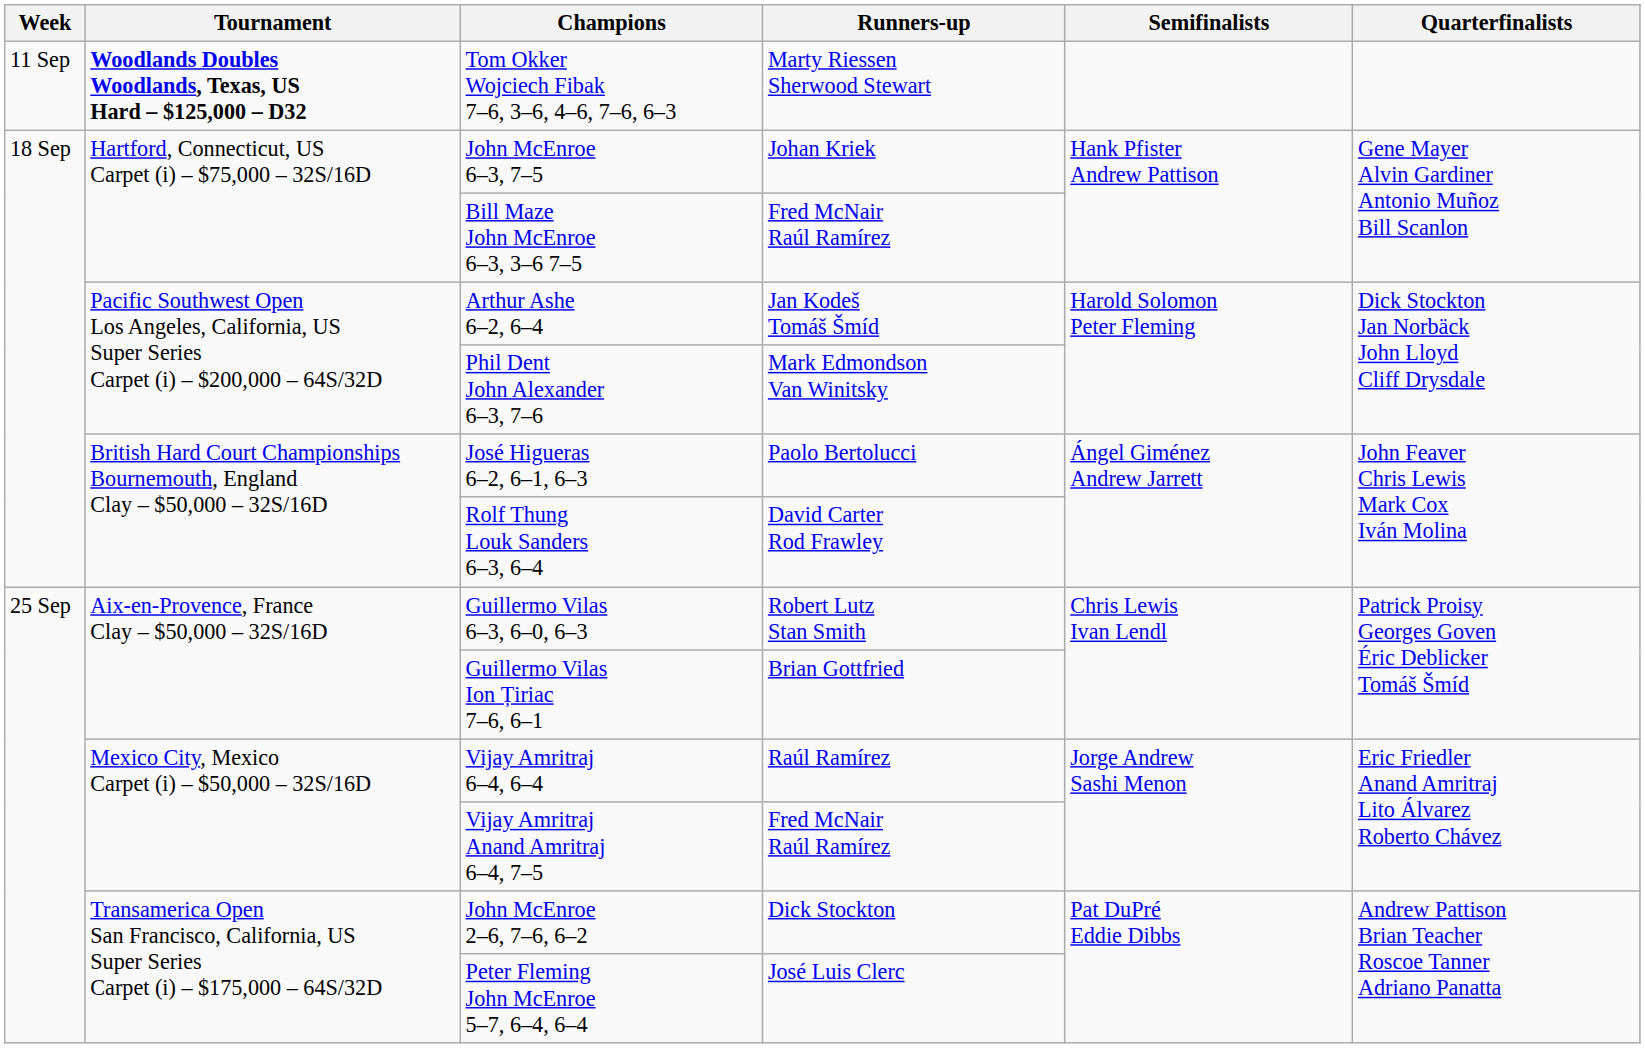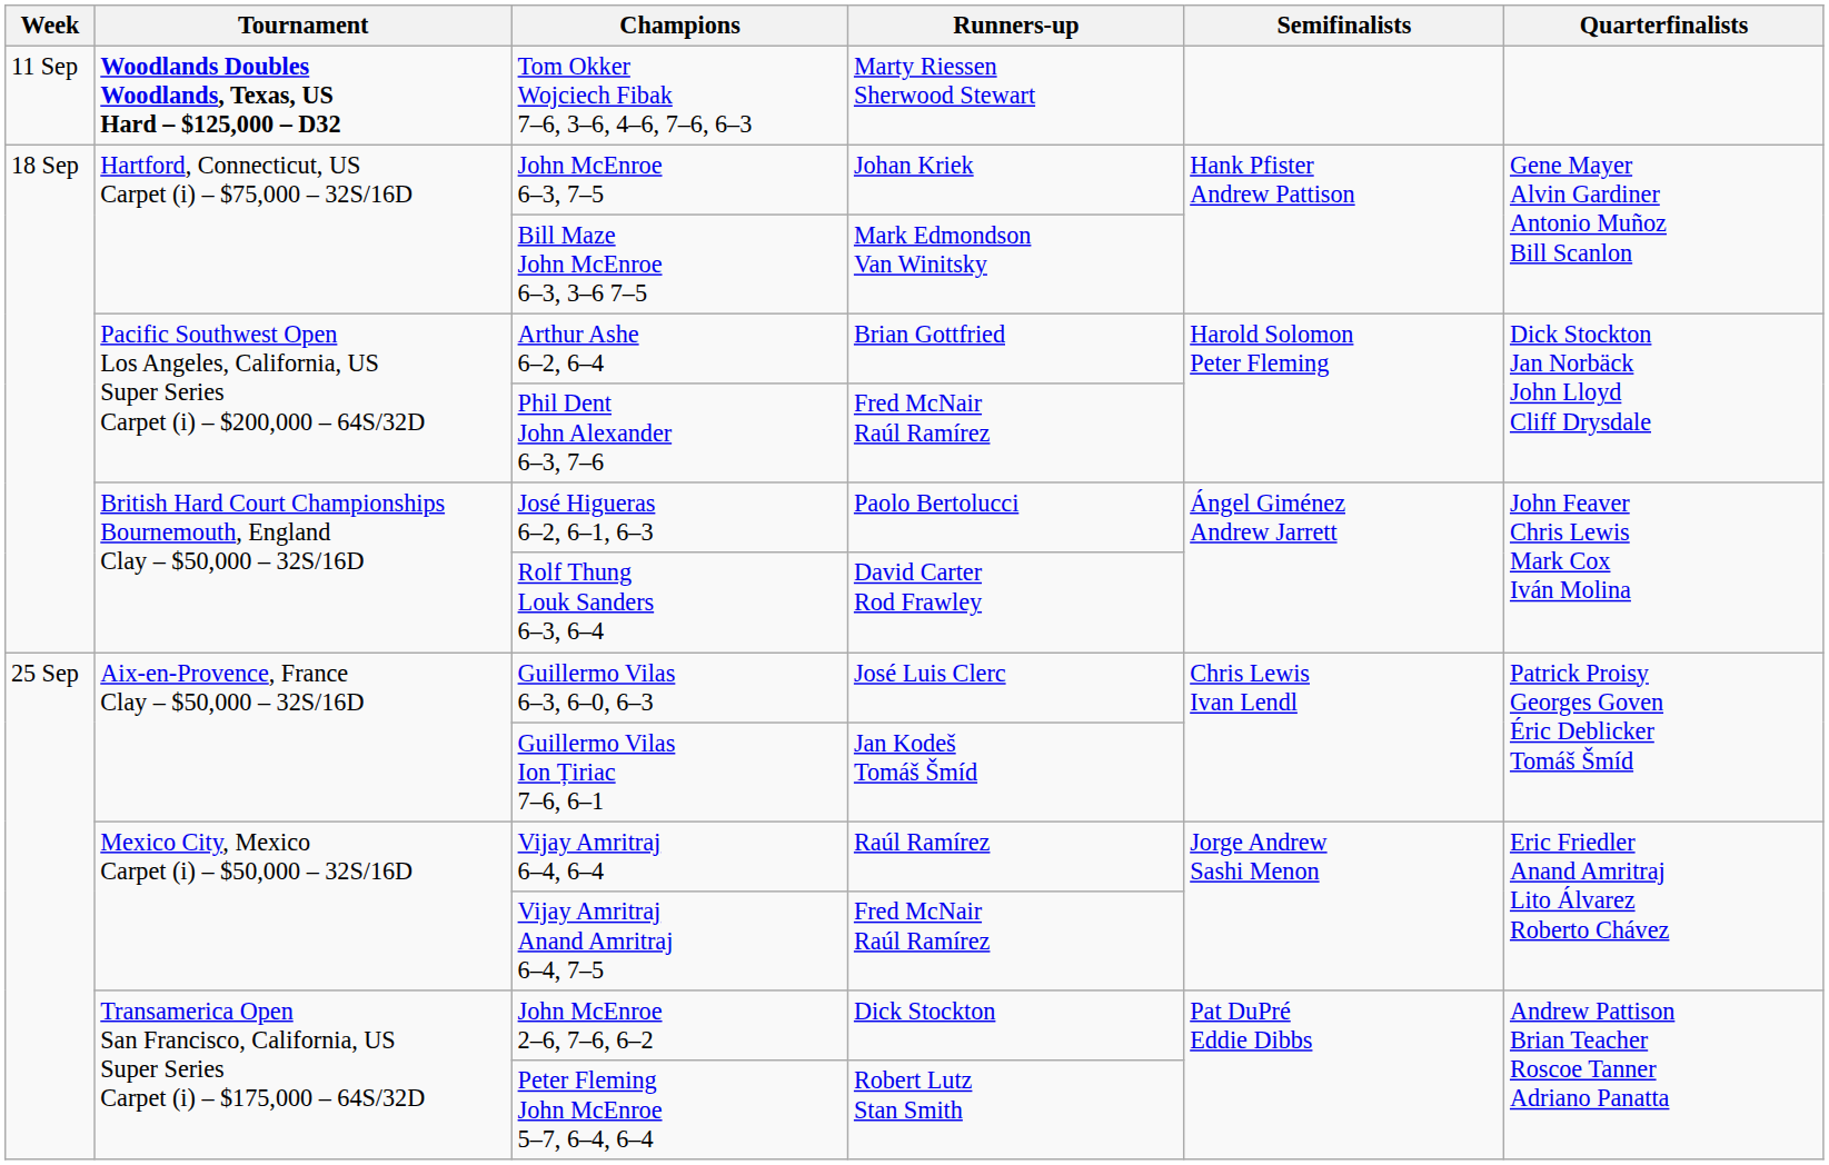 <table class=wikitable style=font-size:95%>
 <tr>
 <th style="width:48px;">Week</th>
 <th style="width:250px;">Tournament</th>
 <th style="width:200px;">Champions</th>
 <th style="width:200px;">Runners-up</th>
 <th style="width:190px;">Semifinalists</th>
 <th style="width:190px;">Quarterfinalists</th>
 </tr>
 <tr valign=top>
 <td>11 Sep</td>
 <td><strong><a href='#'>Woodlands Doubles</a> <br> <a href='#'>Woodlands</a>, Texas, US <br> Hard – $125,000 – D32</strong></td>
 <td> <a href='#'>Tom Okker</a> <br>  <a href='#'>Wojciech Fibak</a> <br> 7–6, 3–6, 4–6, 7–6, 6–3</td>
 <td> <a href='#'>Marty Riessen</a> <br>  <a href='#'>Sherwood Stewart</a></td>
 <td></td>
 <td></td>
 </tr>
 <tr valign=top>
 <td rowspan=6>18 Sep</td>
 <td rowspan=2><a href='#'>Hartford</a>, Connecticut, US <br> Carpet (i) – $75,000 – 32S/16D</td>
 <td> <a href='#'>John McEnroe</a> <br> 6–3, 7–5</td>
 <td> <a href='#'>Johan Kriek</a></td>
 <td rowspan=2> <a href='#'>Hank Pfister</a> <br>  <a href='#'>Andrew Pattison</a></td>
 <td rowspan=2> <a href='#'>Gene Mayer</a> <br>  <a href='#'>Alvin Gardiner</a> <br>  <a href='#'>Antonio Muñoz</a> <br>  <a href='#'>Bill Scanlon</a></td>
 </tr>
 <tr valign=top>
 <td> <a href='#'>Bill Maze</a> <br>  <a href='#'>John McEnroe</a> <br> 6–3, 3–6 7–5</td>
-<td> <a href='#'>Fred McNair</a> <br>  <a href='#'>Raúl Ramírez</a></td>
+<td> <a href='#'>Mark Edmondson</a> <br>  <a href='#'>Van Winitsky</a></td>
 </tr>
 <tr valign=top>
 <td rowspan=2><a href='#'>Pacific Southwest Open</a> <br> Los Angeles, California, US <br>Super Series <br> Carpet (i) – $200,000 – 64S/32D</td>
 <td> <a href='#'>Arthur Ashe</a> <br> 6–2, 6–4</td>
-<td> <a href='#'>Jan Kodeš</a> <br>  <a href='#'>Tomáš Šmíd</a></td>
+<td> <a href='#'>Brian Gottfried</a></td>
 <td rowspan=2> <a href='#'>Harold Solomon</a> <br>  <a href='#'>Peter Fleming</a></td>
 <td rowspan=2> <a href='#'>Dick Stockton</a> <br>  <a href='#'>Jan Norbäck</a> <br>  <a href='#'>John Lloyd</a> <br>  <a href='#'>Cliff Drysdale</a></td>
 </tr>
 <tr valign=top>
 <td> <a href='#'>Phil Dent</a> <br>  <a href='#'>John Alexander</a> <br> 6–3, 7–6</td>
-<td> <a href='#'>Mark Edmondson</a> <br>  <a href='#'>Van Winitsky</a></td>
+<td> <a href='#'>Fred McNair</a> <br>  <a href='#'>Raúl Ramírez</a></td>
 </tr>
 <tr valign=top>
 <td rowspan=2><a href='#'>British Hard Court Championships</a><br> <a href='#'>Bournemouth</a>, England <br> Clay – $50,000 – 32S/16D</td>
 <td> <a href='#'>José Higueras</a> <br> 6–2, 6–1, 6–3</td>
 <td> <a href='#'>Paolo Bertolucci</a></td>
 <td rowspan=2> <a href='#'>Ángel Giménez</a> <br>  <a href='#'>Andrew Jarrett</a></td>
 <td rowspan=2> <a href='#'>John Feaver</a> <br>  <a href='#'>Chris Lewis</a> <br>  <a href='#'>Mark Cox</a> <br>  <a href='#'>Iván Molina</a></td>
 </tr>
 <tr valign=top>
 <td> <a href='#'>Rolf Thung</a> <br>  <a href='#'>Louk Sanders</a> <br> 6–3, 6–4</td>
 <td> <a href='#'>David Carter</a> <br>  <a href='#'>Rod Frawley</a></td>
 </tr>
 <tr valign=top>
 <td rowspan=6>25 Sep</td>
 <td rowspan=2><a href='#'>Aix-en-Provence</a>, France <br> Clay – $50,000 – 32S/16D</td>
 <td> <a href='#'>Guillermo Vilas</a> <br> 6–3, 6–0, 6–3</td>
-<td> <a href='#'>Robert Lutz</a> <br>  <a href='#'>Stan Smith</a></td>
+<td> <a href='#'>José Luis Clerc</a></td>
 <td rowspan=2> <a href='#'>Chris Lewis</a> <br>  <a href='#'>Ivan Lendl</a></td>
 <td rowspan=2> <a href='#'>Patrick Proisy</a> <br>  <a href='#'>Georges Goven</a> <br>  <a href='#'>Éric Deblicker</a> <br>  <a href='#'>Tomáš Šmíd</a></td>
 </tr>
 <tr valign=top>
 <td> <a href='#'>Guillermo Vilas</a> <br>  <a href='#'>Ion Țiriac</a> <br> 7–6, 6–1</td>
-<td> <a href='#'>Brian Gottfried</a></td>
+<td> <a href='#'>Jan Kodeš</a> <br>  <a href='#'>Tomáš Šmíd</a></td>
 </tr>
 <tr valign=top>
 <td rowspan=2><a href='#'>Mexico City</a>, Mexico <br> Carpet (i) – $50,000 – 32S/16D</td>
 <td> <a href='#'>Vijay Amritraj</a> <br> 6–4, 6–4</td>
 <td> <a href='#'>Raúl Ramírez</a></td>
 <td rowspan=2> <a href='#'>Jorge Andrew</a> <br>  <a href='#'>Sashi Menon</a></td>
 <td rowspan=2> <a href='#'>Eric Friedler</a> <br>  <a href='#'>Anand Amritraj</a> <br>  <a href='#'>Lito Álvarez</a> <br>  <a href='#'>Roberto Chávez</a></td>
 </tr>
 <tr valign=top>
 <td> <a href='#'>Vijay Amritraj</a> <br>  <a href='#'>Anand Amritraj</a> <br> 6–4, 7–5</td>
 <td> <a href='#'>Fred McNair</a> <br>  <a href='#'>Raúl Ramírez</a></td>
 </tr>
 <tr valign=top>
 <td rowspan=2><a href='#'>Transamerica Open</a> <br> San Francisco, California, US <br>Super Series <br> Carpet (i) – $175,000 – 64S/32D</td>
 <td> <a href='#'>John McEnroe</a> <br> 2–6, 7–6, 6–2</td>
 <td> <a href='#'>Dick Stockton</a></td>
 <td rowspan=2> <a href='#'>Pat DuPré</a> <br>  <a href='#'>Eddie Dibbs</a></td>
 <td rowspan=2> <a href='#'>Andrew Pattison</a> <br>  <a href='#'>Brian Teacher</a> <br>  <a href='#'>Roscoe Tanner</a> <br>  <a href='#'>Adriano Panatta</a></td>
 </tr>
 <tr valign=top>
 <td> <a href='#'>Peter Fleming</a> <br>  <a href='#'>John McEnroe</a> <br> 5–7, 6–4, 6–4</td>
-<td> <a href='#'>José Luis Clerc</a></td>
+<td> <a href='#'>Robert Lutz</a> <br>  <a href='#'>Stan Smith</a></td>
 </tr>
 </table>
